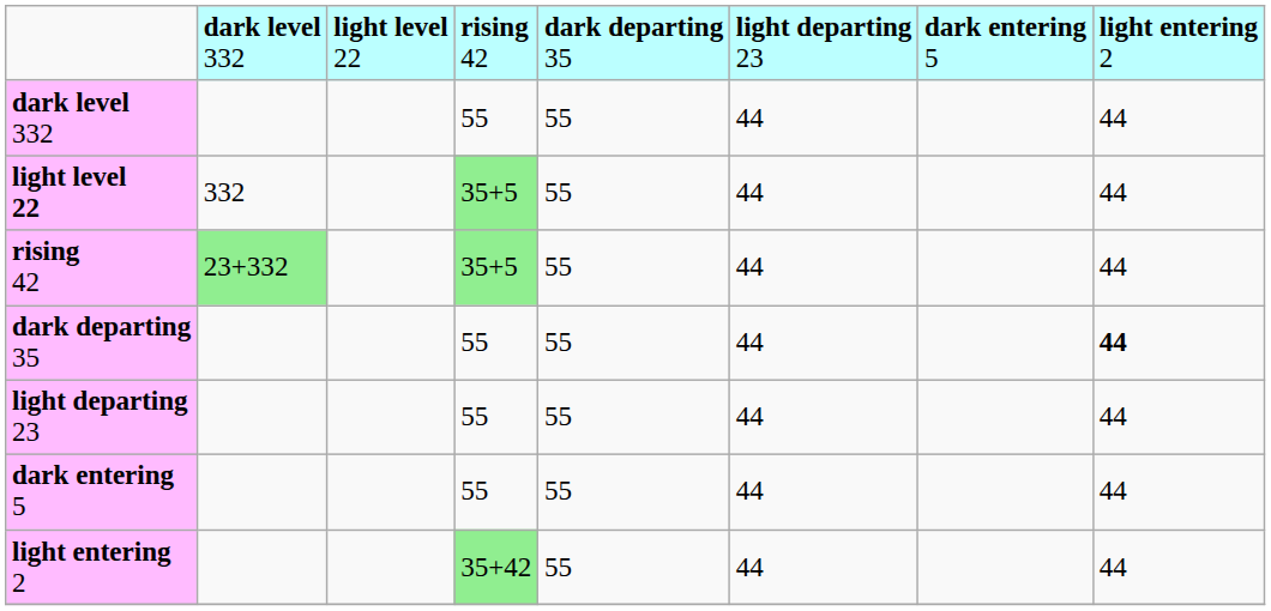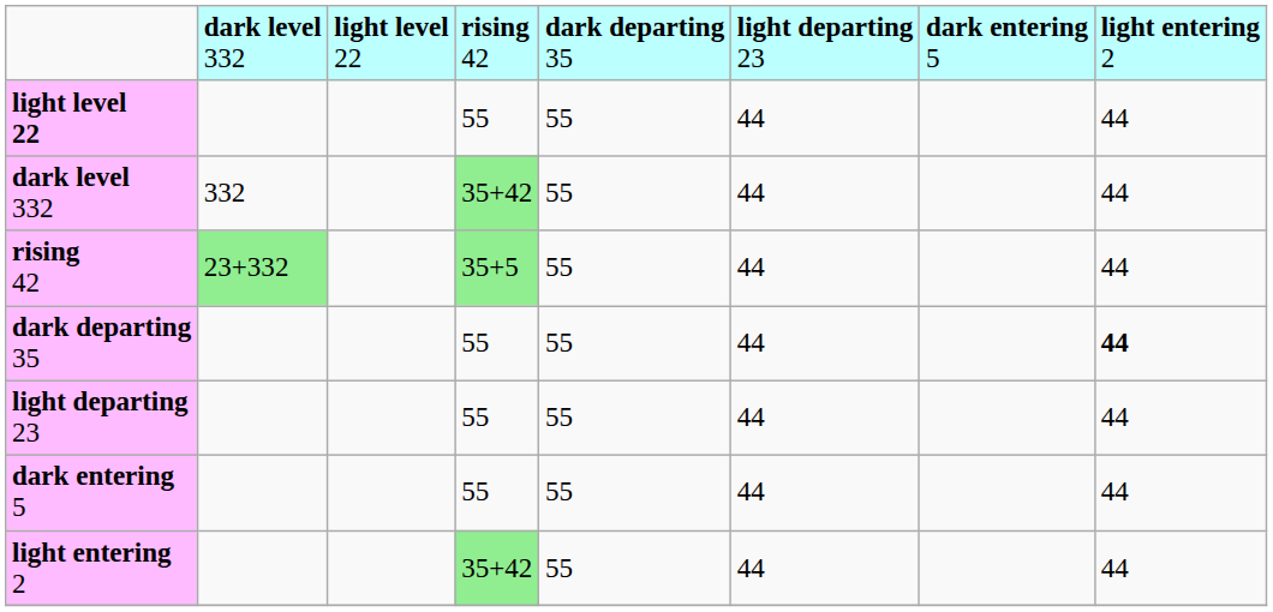 <table class=wikitable>
 <tr>
 <td></td>
 <td bgcolor="#BBFFFF"><strong>dark level</strong><br>332</td>
 <td bgcolor="#BBFFFF"><strong>light level</strong><br>22</td>
 <td bgcolor="#BBFFFF"><strong>rising</strong><br>42</td>
 <td bgcolor="#BBFFFF"><strong>dark departing</strong><br>35</td>
 <td bgcolor="#BBFFFF"><strong>light departing</strong><br>23</td>
 <td bgcolor="#BBFFFF"><strong>dark entering</strong><br>5</td>
 <td bgcolor="#BBFFFF"><strong>light entering</strong><br>2</td>
 </tr>
 <tr>
-<td bgcolor="#FFBBFF"><strong>dark level</strong><br>332</td>
+<td bgcolor="#FFBBFF"><strong>light level<br>22</strong></td>
 <td></td>
 <td></td>
 <td>55</td>
 <td>55</td>
 <td>44</td>
 <td></td>
 <td>44</td>
 </tr>
 <tr>
-<td bgcolor="#FFBBFF"><strong>light level<br>22</strong></td>
+<td bgcolor="#FFBBFF"><strong>dark level</strong><br>332</td>
 <td>332</td>
 <td></td>
-<td style="background:lightgreen">35+5</td>
+<td style="background:lightgreen">35+42</td>
 <td>55</td>
 <td>44</td>
 <td></td>
 <td>44</td>
 </tr>
 <tr>
 <td bgcolor="#FFBBFF"><strong>rising</strong><br>42</td>
 <td style="background:lightgreen">23+332</td>
 <td></td>
 <td style="background:lightgreen">35+5</td>
 <td>55</td>
 <td>44</td>
 <td></td>
 <td>44</td>
 </tr>
 <tr>
 <td bgcolor="#FFBBFF"><strong>dark departing</strong><br>35</td>
 <td></td>
 <td></td>
 <td>55</td>
 <td>55</td>
 <td>44</td>
 <td></td>
 <td><strong>44</strong></td>
 </tr>
 <tr>
 <td bgcolor="#FFBBFF"><strong>light departing</strong><br>23</td>
 <td></td>
 <td></td>
 <td>55</td>
 <td>55</td>
 <td>44</td>
 <td></td>
 <td>44</td>
 </tr>
 <tr>
 <td bgcolor="#FFBBFF"><strong>dark entering</strong><br>5</td>
 <td></td>
 <td></td>
 <td>55</td>
 <td>55</td>
 <td>44</td>
 <td></td>
 <td>44</td>
 </tr>
 <tr>
 <td bgcolor="#FFBBFF"><strong>light entering</strong><br>2</td>
 <td></td>
 <td></td>
 <td style="background:lightgreen">35+42</td>
 <td>55</td>
 <td>44</td>
 <td></td>
 <td>44</td>
 </tr>
 <tr>
 </tr>
 </table>
